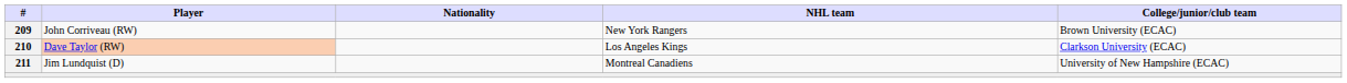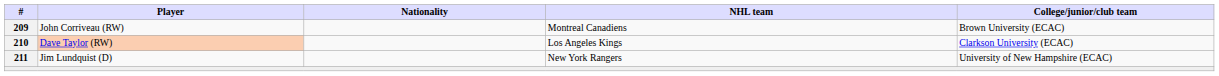 <table class="wikitable" style="width: 100%">
 <tr>
 <th style="background:#ddf; width:2.75%;">#</th>
 <th style="background:#ddf; width:22.0%;">Player</th>
 <th style="background:#ddf; width:20.0%;">Nationality</th>
 <th style="background:#ddf; width:34.0%;">NHL team</th>
 <th style="background:#ddf; width:100.0%;">College/junior/club team</th>
 </tr>
 <tr>
 <th>209</th>
 <td>John Corriveau (RW)</td>
 <td></td>
-<td>New York Rangers</td>
+<td>Montreal Canadiens</td>
 <td>Brown University (ECAC)</td>
 </tr>
 <tr>
 <th>210</th>
 <td bgcolor="#FBCEB1"><a href='#'>Dave Taylor</a> (RW)</td>
 <td></td>
 <td>Los Angeles Kings</td>
 <td><a href='#'>Clarkson University</a> (ECAC)</td>
 </tr>
 <tr>
 <th>211</th>
 <td>Jim Lundquist (D)</td>
 <td></td>
-<td>Montreal Canadiens</td>
+<td>New York Rangers</td>
 <td>University of New Hampshire (ECAC)</td>
 </tr>
 <tr>
 <td align=center colspan="6" bgcolor="#efefef"></td>
 </tr>
 </table>
